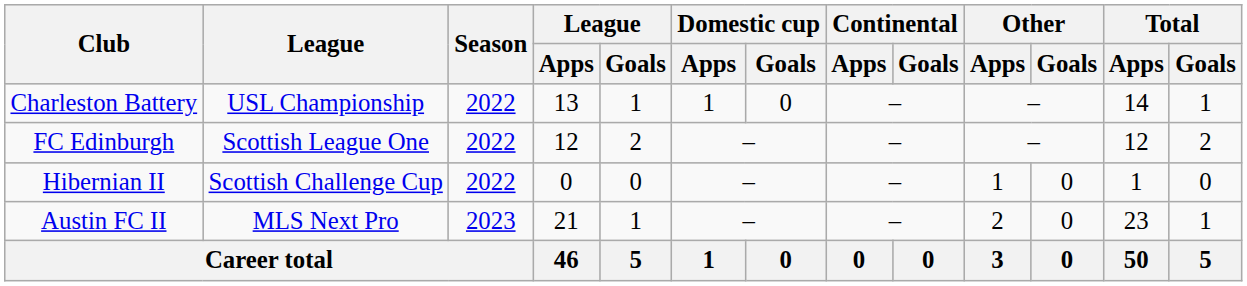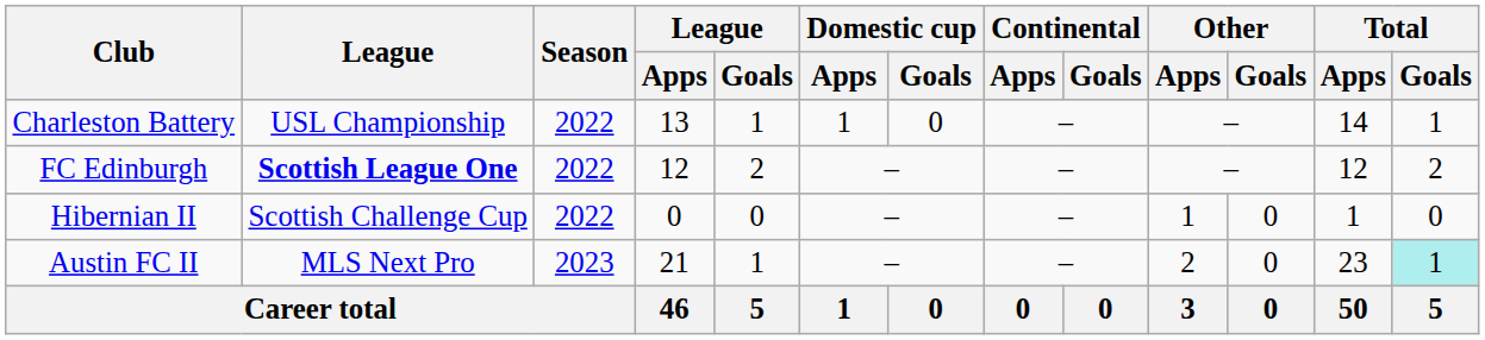 <table class="wikitable" style="text-align:center">
 <tr>
 <th rowspan="2">Club</th>
 <th rowspan="2">League</th>
 <th rowspan="2">Season</th>
 <th colspan="2">League</th>
 <th colspan="2">Domestic cup</th>
 <th colspan="2">Continental</th>
 <th colspan="2">Other</th>
 <th colspan="2">Total</th>
 </tr>
 <tr>
 <th>Apps</th>
 <th>Goals</th>
 <th>Apps</th>
 <th>Goals</th>
 <th>Apps</th>
 <th>Goals</th>
 <th>Apps</th>
 <th>Goals</th>
 <th>Apps</th>
 <th>Goals</th>
 </tr>
 <tr>
 <td><a href='#'>Charleston Battery</a></td>
 <td><a href='#'>USL Championship</a></td>
 <td><a href='#'>2022</a></td>
 <td>13</td>
 <td>1</td>
 <td>1</td>
 <td>0</td>
 <td colspan="2">–</td>
 <td colspan="2">–</td>
 <td>14</td>
 <td>1</td>
 </tr>
 <tr>
 <td><a href='#'>FC Edinburgh</a></td>
-<td><a href='#'>Scottish League One</a></td>
+<td><strong><a href='#'>Scottish League One</a></strong></td>
 <td><a href='#'>2022</a></td>
 <td>12</td>
 <td>2</td>
 <td colspan="2">–</td>
 <td colspan="2">–</td>
 <td colspan="2">–</td>
 <td>12</td>
 <td>2</td>
 </tr>
 <tr>
 <td><a href='#'>Hibernian II</a></td>
 <td><a href='#'>Scottish Challenge Cup</a></td>
 <td><a href='#'>2022</a></td>
 <td>0</td>
 <td>0</td>
 <td colspan="2">–</td>
 <td colspan="2">–</td>
 <td>1</td>
 <td>0</td>
 <td>1</td>
 <td>0</td>
 </tr>
 <tr>
 <td><a href='#'>Austin FC II</a></td>
 <td><a href='#'>MLS Next Pro</a></td>
 <td><a href='#'>2023</a></td>
 <td>21</td>
 <td>1</td>
 <td colspan="2">–</td>
 <td colspan="2">–</td>
 <td>2</td>
 <td>0</td>
 <td>23</td>
-<td>1</td>
+<td style="background: paleturquoise;">1</td>
 </tr>
 <tr>
 <th colspan="3">Career total</th>
 <th>46</th>
 <th>5</th>
 <th>1</th>
 <th>0</th>
 <th>0</th>
 <th>0</th>
 <th>3</th>
 <th>0</th>
 <th>50</th>
 <th>5</th>
 </tr>
 </table>
